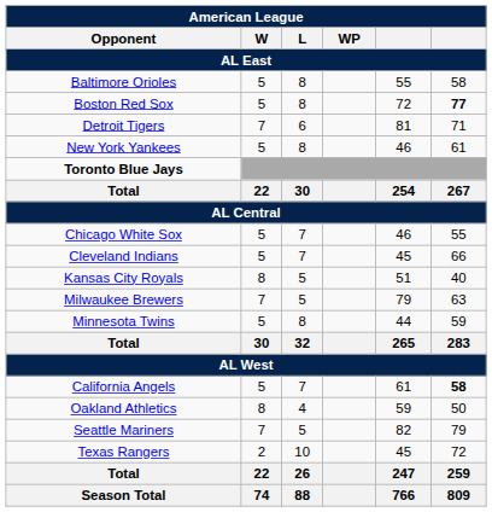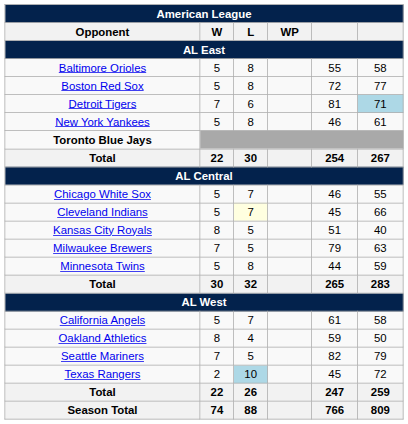 <table class="wikitable" style="font-size:95%; text-align:center; width:35em;margin: 0.5em auto;">
 <tr>
 <th colspan="7" style="background:#03224c; color:#ffffff;">American League</th>
 </tr>
 <tr>
 <th>Opponent</th>
 <th>W</th>
 <th>L</th>
 <th>WP</th>
 <th></th>
 <th></th>
 </tr>
 <tr>
 <th colspan="7" style="background:#03224c; color:#ffffff;">AL East</th>
 </tr>
 <tr>
 <td><a href='#'>Baltimore Orioles</a></td>
 <td>5</td>
 <td>8</td>
 <td></td>
 <td>55</td>
 <td>58</td>
 </tr>
 <tr>
 <td><a href='#'>Boston Red Sox</a></td>
 <td>5</td>
 <td>8</td>
 <td></td>
 <td>72</td>
-<td><strong>77</strong></td>
+<td>77</td>
 </tr>
 <tr>
 <td><a href='#'>Detroit Tigers</a></td>
 <td>7</td>
 <td>6</td>
 <td></td>
 <td>81</td>
-<td>71</td>
+<td style="background: lightblue;">71</td>
 </tr>
 <tr>
 <td><a href='#'>New York Yankees</a></td>
 <td>5</td>
 <td>8</td>
 <td></td>
 <td>46</td>
 <td>61</td>
 </tr>
 <tr>
 <td><strong>Toronto Blue Jays</strong></td>
 <td colspan=5 style="background:darkgray;"></td>
 </tr>
 <tr>
 <th>Total</th>
 <th>22</th>
 <th>30</th>
 <th></th>
 <th>254</th>
 <th>267</th>
 </tr>
 <tr>
 <th colspan="7" style="background:#03224c; color:#ffffff;">AL Central</th>
 </tr>
 <tr>
 <td><a href='#'>Chicago White Sox</a></td>
 <td>5</td>
 <td>7</td>
 <td></td>
 <td>46</td>
 <td>55</td>
 </tr>
 <tr>
 <td><a href='#'>Cleveland Indians</a></td>
 <td>5</td>
-<td>7</td>
+<td style="background: lightyellow;">7</td>
 <td></td>
 <td>45</td>
 <td>66</td>
 </tr>
 <tr>
 <td><a href='#'>Kansas City Royals</a></td>
 <td>8</td>
 <td>5</td>
 <td></td>
 <td>51</td>
 <td>40</td>
 </tr>
 <tr>
 <td><a href='#'>Milwaukee Brewers</a></td>
 <td>7</td>
 <td>5</td>
 <td></td>
 <td>79</td>
 <td>63</td>
 </tr>
 <tr>
 <td><a href='#'>Minnesota Twins</a></td>
 <td>5</td>
 <td>8</td>
 <td></td>
 <td>44</td>
 <td>59</td>
 </tr>
 <tr>
 <th>Total</th>
 <th>30</th>
 <th>32</th>
 <th></th>
 <th>265</th>
 <th>283</th>
 </tr>
 <tr>
 <th colspan="7" style="background:#03224c; color:#ffffff;">AL West</th>
 </tr>
 <tr>
 <td><a href='#'>California Angels</a></td>
 <td>5</td>
 <td>7</td>
 <td></td>
 <td>61</td>
-<td><strong>58</strong></td>
+<td>58</td>
 </tr>
 <tr>
 <td><a href='#'>Oakland Athletics</a></td>
 <td>8</td>
 <td>4</td>
 <td></td>
 <td>59</td>
 <td>50</td>
 </tr>
 <tr>
 <td><a href='#'>Seattle Mariners</a></td>
 <td>7</td>
 <td>5</td>
 <td></td>
 <td>82</td>
 <td>79</td>
 </tr>
 <tr>
 <td><a href='#'>Texas Rangers</a></td>
 <td>2</td>
-<td>10</td>
+<td style="background: lightblue;">10</td>
 <td></td>
 <td>45</td>
 <td>72</td>
 </tr>
 <tr>
 <th>Total</th>
 <th>22</th>
 <th>26</th>
 <th></th>
 <th>247</th>
 <th>259</th>
 </tr>
 <tr>
 <th>Season Total</th>
 <th>74</th>
 <th>88</th>
 <th></th>
 <th>766</th>
 <th>809</th>
 </tr>
 </table>
